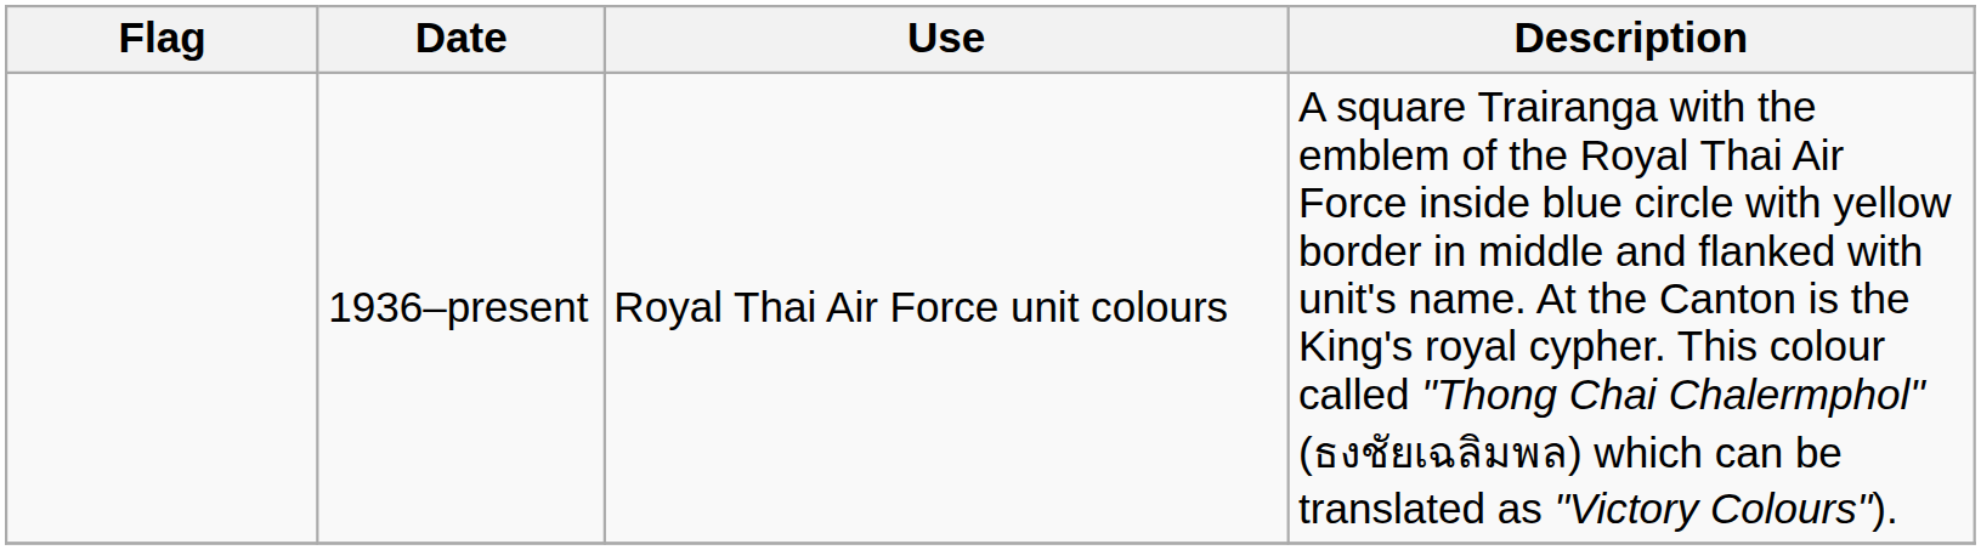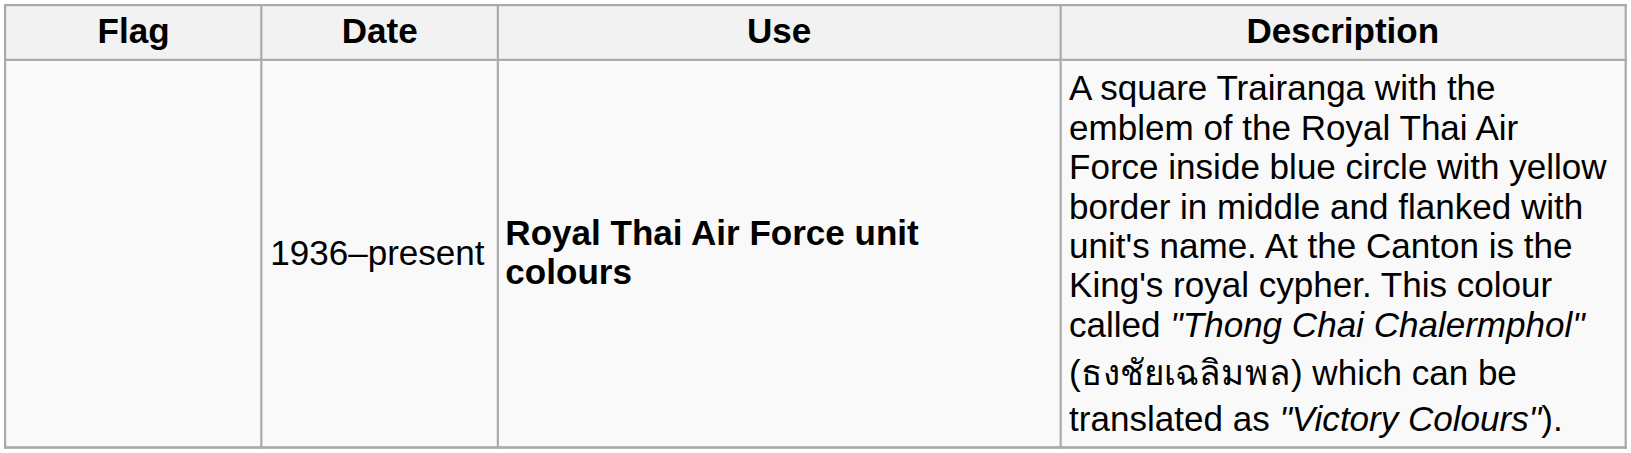 <table class="wikitable">
 <tr>
 <th width="110">Flag</th>
 <th width="100">Date</th>
 <th width="250">Use</th>
 <th width="250">Description</th>
 </tr>
 <tr>
 <td></td>
 <td>1936–present</td>
-<td>Royal Thai Air Force unit colours</td>
+<td><strong>Royal Thai Air Force unit colours</strong></td>
 <td>A square Trairanga with the emblem of the Royal Thai Air Force inside blue circle with yellow border in middle and flanked with unit's name. At the Canton is the King's royal cypher. This colour called <em>"Thong Chai Chalermphol"</em> (ธงชัยเฉลิมพล) which can be translated as <em>"Victory Colours"</em>).</td>
 </tr>
 <tr>
 </tr>
 </table>
